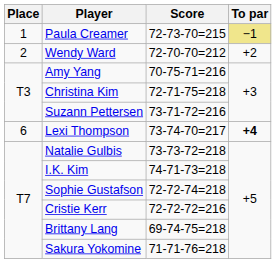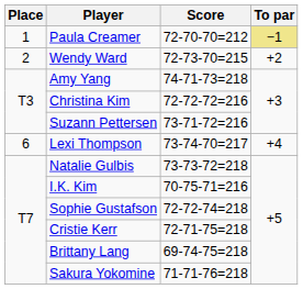 <table class="wikitable">
 <tr>
 <th>Place</th>
 <th>Player</th>
 <th>Score</th>
 <th>To par</th>
 </tr>
 <tr>
 <td align=center>1</td>
 <td> <a href='#'>Paula Creamer</a></td>
-<td align=center>72-73-70=215</td>
+<td align=center>72-70-70=212</td>
 <td align=center style="background: khaki;">−1</td>
 </tr>
 <tr>
 <td align=center>2</td>
 <td> <a href='#'>Wendy Ward</a></td>
-<td align=center>72-70-70=212</td>
+<td align=center>72-73-70=215</td>
 <td align=center>+2</td>
 </tr>
 <tr>
 <td rowspan="3" align=center>T3</td>
 <td> <a href='#'>Amy Yang</a></td>
-<td align=center>70-75-71=216</td>
+<td align=center>74-71-73=218</td>
 <td rowspan="3" align=center>+3</td>
 </tr>
 <tr>
 <td> <a href='#'>Christina Kim</a></td>
-<td align=center>72-71-75=218</td>
+<td align=center>72-72-72=216</td>
 </tr>
 <tr>
 <td> <a href='#'>Suzann Pettersen</a></td>
 <td align=center>73-71-72=216</td>
 </tr>
 <tr>
 <td align=center>6</td>
 <td> <a href='#'>Lexi Thompson</a></td>
 <td align=center>73-74-70=217</td>
-<td align=center><strong>+4</strong></td>
+<td align=center>+4</td>
 </tr>
 <tr>
 <td rowspan="6" align=center>T7</td>
 <td> <a href='#'>Natalie Gulbis</a></td>
 <td align=center>73-73-72=218</td>
 <td rowspan="6" align=center>+5</td>
 </tr>
 <tr>
 <td> <a href='#'>I.K. Kim</a></td>
-<td align=center>74-71-73=218</td>
+<td align=center>70-75-71=216</td>
 </tr>
 <tr>
 <td> <a href='#'>Sophie Gustafson</a></td>
 <td align=center>72-72-74=218</td>
 </tr>
 <tr>
 <td> <a href='#'>Cristie Kerr</a></td>
-<td align=center>72-72-72=216</td>
+<td align=center>72-71-75=218</td>
 </tr>
 <tr>
 <td> <a href='#'>Brittany Lang</a></td>
 <td align=center>69-74-75=218</td>
 </tr>
 <tr>
 <td> <a href='#'>Sakura Yokomine</a></td>
 <td align=center>71-71-76=218</td>
 </tr>
 </table>
